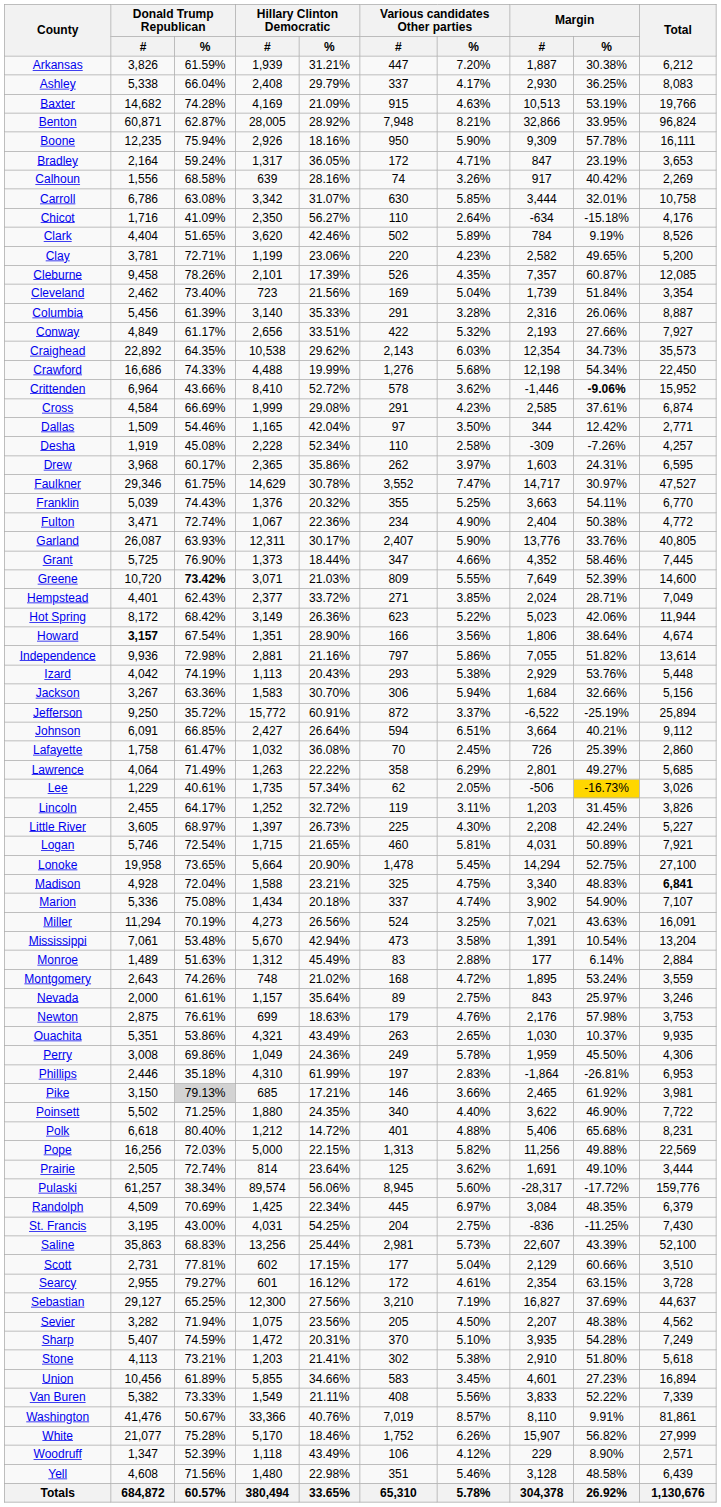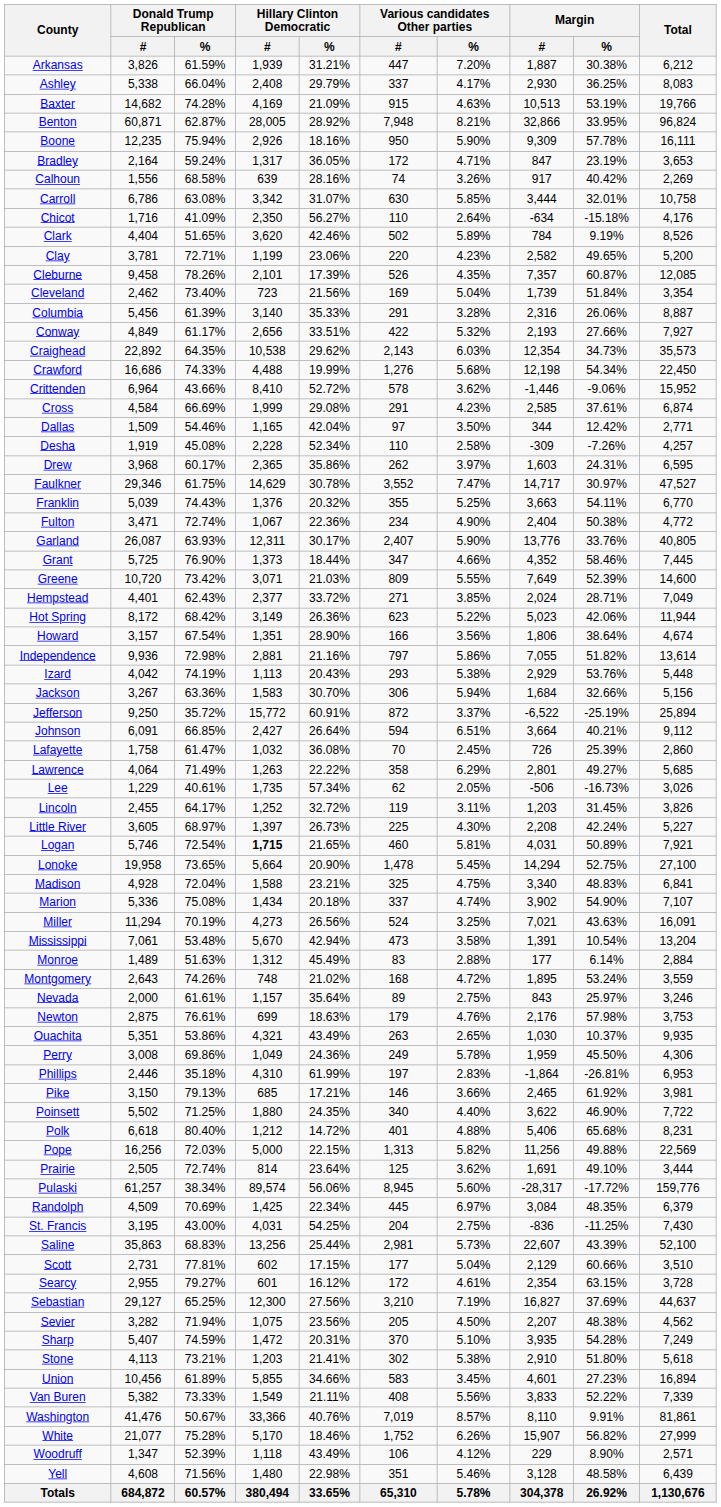 <table width="60%" class="wikitable sortable">
 <tr>
 <th rowspan="2">County</th>
 <th colspan="2">Donald Trump<br>Republican</th>
 <th colspan="2">Hillary Clinton<br>Democratic</th>
 <th colspan="2">Various candidates<br>Other parties</th>
 <th colspan="2">Margin</th>
 <th rowspan="2">Total</th>
 </tr>
 <tr>
 <th style="text-align:center;" data-sort-type="number">#</th>
 <th style="text-align:center;" data-sort-type="number">%</th>
 <th style="text-align:center;" data-sort-type="number">#</th>
 <th style="text-align:center;" data-sort-type="number">%</th>
 <th style="text-align:center;" data-sort-type="number">#</th>
 <th style="text-align:center;" data-sort-type="number">%</th>
 <th style="text-align:center;" data-sort-type="number">#</th>
 <th style="text-align:center;" data-sort-type="number">%</th>
 </tr>
 <tr style="text-align:center;">
 <td><a href='#'>Arkansas</a></td>
 <td>3,826</td>
 <td>61.59%</td>
 <td>1,939</td>
 <td>31.21%</td>
 <td>447</td>
 <td>7.20%</td>
 <td>1,887</td>
 <td>30.38%</td>
 <td>6,212</td>
 </tr>
 <tr style="text-align:center;">
 <td><a href='#'>Ashley</a></td>
 <td>5,338</td>
 <td>66.04%</td>
 <td>2,408</td>
 <td>29.79%</td>
 <td>337</td>
 <td>4.17%</td>
 <td>2,930</td>
 <td>36.25%</td>
 <td>8,083</td>
 </tr>
 <tr style="text-align:center;">
 <td><a href='#'>Baxter</a></td>
 <td>14,682</td>
 <td>74.28%</td>
 <td>4,169</td>
 <td>21.09%</td>
 <td>915</td>
 <td>4.63%</td>
 <td>10,513</td>
 <td>53.19%</td>
 <td>19,766</td>
 </tr>
 <tr style="text-align:center;">
 <td><a href='#'>Benton</a></td>
 <td>60,871</td>
 <td>62.87%</td>
 <td>28,005</td>
 <td>28.92%</td>
 <td>7,948</td>
 <td>8.21%</td>
 <td>32,866</td>
 <td>33.95%</td>
 <td>96,824</td>
 </tr>
 <tr style="text-align:center;">
 <td><a href='#'>Boone</a></td>
 <td>12,235</td>
 <td>75.94%</td>
 <td>2,926</td>
 <td>18.16%</td>
 <td>950</td>
 <td>5.90%</td>
 <td>9,309</td>
 <td>57.78%</td>
 <td>16,111</td>
 </tr>
 <tr style="text-align:center;">
 <td><a href='#'>Bradley</a></td>
 <td>2,164</td>
 <td>59.24%</td>
 <td>1,317</td>
 <td>36.05%</td>
 <td>172</td>
 <td>4.71%</td>
 <td>847</td>
 <td>23.19%</td>
 <td>3,653</td>
 </tr>
 <tr style="text-align:center;">
 <td><a href='#'>Calhoun</a></td>
 <td>1,556</td>
 <td>68.58%</td>
 <td>639</td>
 <td>28.16%</td>
 <td>74</td>
 <td>3.26%</td>
 <td>917</td>
 <td>40.42%</td>
 <td>2,269</td>
 </tr>
 <tr style="text-align:center;">
 <td><a href='#'>Carroll</a></td>
 <td>6,786</td>
 <td>63.08%</td>
 <td>3,342</td>
 <td>31.07%</td>
 <td>630</td>
 <td>5.85%</td>
 <td>3,444</td>
 <td>32.01%</td>
 <td>10,758</td>
 </tr>
 <tr style="text-align:center;">
 <td><a href='#'>Chicot</a></td>
 <td>1,716</td>
 <td>41.09%</td>
 <td>2,350</td>
 <td>56.27%</td>
 <td>110</td>
 <td>2.64%</td>
 <td>-634</td>
 <td>-15.18%</td>
 <td>4,176</td>
 </tr>
 <tr style="text-align:center;">
 <td><a href='#'>Clark</a></td>
 <td>4,404</td>
 <td>51.65%</td>
 <td>3,620</td>
 <td>42.46%</td>
 <td>502</td>
 <td>5.89%</td>
 <td>784</td>
 <td>9.19%</td>
 <td>8,526</td>
 </tr>
 <tr style="text-align:center;">
 <td><a href='#'>Clay</a></td>
 <td>3,781</td>
 <td>72.71%</td>
 <td>1,199</td>
 <td>23.06%</td>
 <td>220</td>
 <td>4.23%</td>
 <td>2,582</td>
 <td>49.65%</td>
 <td>5,200</td>
 </tr>
 <tr style="text-align:center;">
 <td><a href='#'>Cleburne</a></td>
 <td>9,458</td>
 <td>78.26%</td>
 <td>2,101</td>
 <td>17.39%</td>
 <td>526</td>
 <td>4.35%</td>
 <td>7,357</td>
 <td>60.87%</td>
 <td>12,085</td>
 </tr>
 <tr style="text-align:center;">
 <td><a href='#'>Cleveland</a></td>
 <td>2,462</td>
 <td>73.40%</td>
 <td>723</td>
 <td>21.56%</td>
 <td>169</td>
 <td>5.04%</td>
 <td>1,739</td>
 <td>51.84%</td>
 <td>3,354</td>
 </tr>
 <tr style="text-align:center;">
 <td><a href='#'>Columbia</a></td>
 <td>5,456</td>
 <td>61.39%</td>
 <td>3,140</td>
 <td>35.33%</td>
 <td>291</td>
 <td>3.28%</td>
 <td>2,316</td>
 <td>26.06%</td>
 <td>8,887</td>
 </tr>
 <tr style="text-align:center;">
 <td><a href='#'>Conway</a></td>
 <td>4,849</td>
 <td>61.17%</td>
 <td>2,656</td>
 <td>33.51%</td>
 <td>422</td>
 <td>5.32%</td>
 <td>2,193</td>
 <td>27.66%</td>
 <td>7,927</td>
 </tr>
 <tr style="text-align:center;">
 <td><a href='#'>Craighead</a></td>
 <td>22,892</td>
 <td>64.35%</td>
 <td>10,538</td>
 <td>29.62%</td>
 <td>2,143</td>
 <td>6.03%</td>
 <td>12,354</td>
 <td>34.73%</td>
 <td>35,573</td>
 </tr>
 <tr style="text-align:center;">
 <td><a href='#'>Crawford</a></td>
 <td>16,686</td>
 <td>74.33%</td>
 <td>4,488</td>
 <td>19.99%</td>
 <td>1,276</td>
 <td>5.68%</td>
 <td>12,198</td>
 <td>54.34%</td>
 <td>22,450</td>
 </tr>
 <tr style="text-align:center;">
 <td><a href='#'>Crittenden</a></td>
 <td>6,964</td>
 <td>43.66%</td>
 <td>8,410</td>
 <td>52.72%</td>
 <td>578</td>
 <td>3.62%</td>
 <td>-1,446</td>
-<td><strong>-9.06%</strong></td>
+<td>-9.06%</td>
 <td>15,952</td>
 </tr>
 <tr style="text-align:center;">
 <td><a href='#'>Cross</a></td>
 <td>4,584</td>
 <td>66.69%</td>
 <td>1,999</td>
 <td>29.08%</td>
 <td>291</td>
 <td>4.23%</td>
 <td>2,585</td>
 <td>37.61%</td>
 <td>6,874</td>
 </tr>
 <tr style="text-align:center;">
 <td><a href='#'>Dallas</a></td>
 <td>1,509</td>
 <td>54.46%</td>
 <td>1,165</td>
 <td>42.04%</td>
 <td>97</td>
 <td>3.50%</td>
 <td>344</td>
 <td>12.42%</td>
 <td>2,771</td>
 </tr>
 <tr style="text-align:center;">
 <td><a href='#'>Desha</a></td>
 <td>1,919</td>
 <td>45.08%</td>
 <td>2,228</td>
 <td>52.34%</td>
 <td>110</td>
 <td>2.58%</td>
 <td>-309</td>
 <td>-7.26%</td>
 <td>4,257</td>
 </tr>
 <tr style="text-align:center;">
 <td><a href='#'>Drew</a></td>
 <td>3,968</td>
 <td>60.17%</td>
 <td>2,365</td>
 <td>35.86%</td>
 <td>262</td>
 <td>3.97%</td>
 <td>1,603</td>
 <td>24.31%</td>
 <td>6,595</td>
 </tr>
 <tr style="text-align:center;">
 <td><a href='#'>Faulkner</a></td>
 <td>29,346</td>
 <td>61.75%</td>
 <td>14,629</td>
 <td>30.78%</td>
 <td>3,552</td>
 <td>7.47%</td>
 <td>14,717</td>
 <td>30.97%</td>
 <td>47,527</td>
 </tr>
 <tr style="text-align:center;">
 <td><a href='#'>Franklin</a></td>
 <td>5,039</td>
 <td>74.43%</td>
 <td>1,376</td>
 <td>20.32%</td>
 <td>355</td>
 <td>5.25%</td>
 <td>3,663</td>
 <td>54.11%</td>
 <td>6,770</td>
 </tr>
 <tr style="text-align:center;">
 <td><a href='#'>Fulton</a></td>
 <td>3,471</td>
 <td>72.74%</td>
 <td>1,067</td>
 <td>22.36%</td>
 <td>234</td>
 <td>4.90%</td>
 <td>2,404</td>
 <td>50.38%</td>
 <td>4,772</td>
 </tr>
 <tr style="text-align:center;">
 <td><a href='#'>Garland</a></td>
 <td>26,087</td>
 <td>63.93%</td>
 <td>12,311</td>
 <td>30.17%</td>
 <td>2,407</td>
 <td>5.90%</td>
 <td>13,776</td>
 <td>33.76%</td>
 <td>40,805</td>
 </tr>
 <tr style="text-align:center;">
 <td><a href='#'>Grant</a></td>
 <td>5,725</td>
 <td>76.90%</td>
 <td>1,373</td>
 <td>18.44%</td>
 <td>347</td>
 <td>4.66%</td>
 <td>4,352</td>
 <td>58.46%</td>
 <td>7,445</td>
 </tr>
 <tr style="text-align:center;">
 <td><a href='#'>Greene</a></td>
 <td>10,720</td>
-<td><strong>73.42%</strong></td>
+<td>73.42%</td>
 <td>3,071</td>
 <td>21.03%</td>
 <td>809</td>
 <td>5.55%</td>
 <td>7,649</td>
 <td>52.39%</td>
 <td>14,600</td>
 </tr>
 <tr style="text-align:center;">
 <td><a href='#'>Hempstead</a></td>
 <td>4,401</td>
 <td>62.43%</td>
 <td>2,377</td>
 <td>33.72%</td>
 <td>271</td>
 <td>3.85%</td>
 <td>2,024</td>
 <td>28.71%</td>
 <td>7,049</td>
 </tr>
 <tr style="text-align:center;">
 <td><a href='#'>Hot Spring</a></td>
 <td>8,172</td>
 <td>68.42%</td>
 <td>3,149</td>
 <td>26.36%</td>
 <td>623</td>
 <td>5.22%</td>
 <td>5,023</td>
 <td>42.06%</td>
 <td>11,944</td>
 </tr>
 <tr style="text-align:center;">
 <td><a href='#'>Howard</a></td>
-<td><strong>3,157</strong></td>
+<td>3,157</td>
 <td>67.54%</td>
 <td>1,351</td>
 <td>28.90%</td>
 <td>166</td>
 <td>3.56%</td>
 <td>1,806</td>
 <td>38.64%</td>
 <td>4,674</td>
 </tr>
 <tr style="text-align:center;">
 <td><a href='#'>Independence</a></td>
 <td>9,936</td>
 <td>72.98%</td>
 <td>2,881</td>
 <td>21.16%</td>
 <td>797</td>
 <td>5.86%</td>
 <td>7,055</td>
 <td>51.82%</td>
 <td>13,614</td>
 </tr>
 <tr style="text-align:center;">
 <td><a href='#'>Izard</a></td>
 <td>4,042</td>
 <td>74.19%</td>
 <td>1,113</td>
 <td>20.43%</td>
 <td>293</td>
 <td>5.38%</td>
 <td>2,929</td>
 <td>53.76%</td>
 <td>5,448</td>
 </tr>
 <tr style="text-align:center;">
 <td><a href='#'>Jackson</a></td>
 <td>3,267</td>
 <td>63.36%</td>
 <td>1,583</td>
 <td>30.70%</td>
 <td>306</td>
 <td>5.94%</td>
 <td>1,684</td>
 <td>32.66%</td>
 <td>5,156</td>
 </tr>
 <tr style="text-align:center;">
 <td><a href='#'>Jefferson</a></td>
 <td>9,250</td>
 <td>35.72%</td>
 <td>15,772</td>
 <td>60.91%</td>
 <td>872</td>
 <td>3.37%</td>
 <td>-6,522</td>
 <td>-25.19%</td>
 <td>25,894</td>
 </tr>
 <tr style="text-align:center;">
 <td><a href='#'>Johnson</a></td>
 <td>6,091</td>
 <td>66.85%</td>
 <td>2,427</td>
 <td>26.64%</td>
 <td>594</td>
 <td>6.51%</td>
 <td>3,664</td>
 <td>40.21%</td>
 <td>9,112</td>
 </tr>
 <tr style="text-align:center;">
 <td><a href='#'>Lafayette</a></td>
 <td>1,758</td>
 <td>61.47%</td>
 <td>1,032</td>
 <td>36.08%</td>
 <td>70</td>
 <td>2.45%</td>
 <td>726</td>
 <td>25.39%</td>
 <td>2,860</td>
 </tr>
 <tr style="text-align:center;">
 <td><a href='#'>Lawrence</a></td>
 <td>4,064</td>
 <td>71.49%</td>
 <td>1,263</td>
 <td>22.22%</td>
 <td>358</td>
 <td>6.29%</td>
 <td>2,801</td>
 <td>49.27%</td>
 <td>5,685</td>
 </tr>
 <tr style="text-align:center;">
 <td><a href='#'>Lee</a></td>
 <td>1,229</td>
 <td>40.61%</td>
 <td>1,735</td>
 <td>57.34%</td>
 <td>62</td>
 <td>2.05%</td>
 <td>-506</td>
-<td style="background: gold;">-16.73%</td>
+<td>-16.73%</td>
 <td>3,026</td>
 </tr>
 <tr style="text-align:center;">
 <td><a href='#'>Lincoln</a></td>
 <td>2,455</td>
 <td>64.17%</td>
 <td>1,252</td>
 <td>32.72%</td>
 <td>119</td>
 <td>3.11%</td>
 <td>1,203</td>
 <td>31.45%</td>
 <td>3,826</td>
 </tr>
 <tr style="text-align:center;">
 <td><a href='#'>Little River</a></td>
 <td>3,605</td>
 <td>68.97%</td>
 <td>1,397</td>
 <td>26.73%</td>
 <td>225</td>
 <td>4.30%</td>
 <td>2,208</td>
 <td>42.24%</td>
 <td>5,227</td>
 </tr>
 <tr style="text-align:center;">
 <td><a href='#'>Logan</a></td>
 <td>5,746</td>
 <td>72.54%</td>
-<td>1,715</td>
+<td><strong>1,715</strong></td>
 <td>21.65%</td>
 <td>460</td>
 <td>5.81%</td>
 <td>4,031</td>
 <td>50.89%</td>
 <td>7,921</td>
 </tr>
 <tr style="text-align:center;">
 <td><a href='#'>Lonoke</a></td>
 <td>19,958</td>
 <td>73.65%</td>
 <td>5,664</td>
 <td>20.90%</td>
 <td>1,478</td>
 <td>5.45%</td>
 <td>14,294</td>
 <td>52.75%</td>
 <td>27,100</td>
 </tr>
 <tr style="text-align:center;">
 <td><a href='#'>Madison</a></td>
 <td>4,928</td>
 <td>72.04%</td>
 <td>1,588</td>
 <td>23.21%</td>
 <td>325</td>
 <td>4.75%</td>
 <td>3,340</td>
 <td>48.83%</td>
-<td><strong>6,841</strong></td>
+<td>6,841</td>
 </tr>
 <tr style="text-align:center;">
 <td><a href='#'>Marion</a></td>
 <td>5,336</td>
 <td>75.08%</td>
 <td>1,434</td>
 <td>20.18%</td>
 <td>337</td>
 <td>4.74%</td>
 <td>3,902</td>
 <td>54.90%</td>
 <td>7,107</td>
 </tr>
 <tr style="text-align:center;">
 <td><a href='#'>Miller</a></td>
 <td>11,294</td>
 <td>70.19%</td>
 <td>4,273</td>
 <td>26.56%</td>
 <td>524</td>
 <td>3.25%</td>
 <td>7,021</td>
 <td>43.63%</td>
 <td>16,091</td>
 </tr>
 <tr style="text-align:center;">
 <td><a href='#'>Mississippi</a></td>
 <td>7,061</td>
 <td>53.48%</td>
 <td>5,670</td>
 <td>42.94%</td>
 <td>473</td>
 <td>3.58%</td>
 <td>1,391</td>
 <td>10.54%</td>
 <td>13,204</td>
 </tr>
 <tr style="text-align:center;">
 <td><a href='#'>Monroe</a></td>
 <td>1,489</td>
 <td>51.63%</td>
 <td>1,312</td>
 <td>45.49%</td>
 <td>83</td>
 <td>2.88%</td>
 <td>177</td>
 <td>6.14%</td>
 <td>2,884</td>
 </tr>
 <tr style="text-align:center;">
 <td><a href='#'>Montgomery</a></td>
 <td>2,643</td>
 <td>74.26%</td>
 <td>748</td>
 <td>21.02%</td>
 <td>168</td>
 <td>4.72%</td>
 <td>1,895</td>
 <td>53.24%</td>
 <td>3,559</td>
 </tr>
 <tr style="text-align:center;">
 <td><a href='#'>Nevada</a></td>
 <td>2,000</td>
 <td>61.61%</td>
 <td>1,157</td>
 <td>35.64%</td>
 <td>89</td>
 <td>2.75%</td>
 <td>843</td>
 <td>25.97%</td>
 <td>3,246</td>
 </tr>
 <tr style="text-align:center;">
 <td><a href='#'>Newton</a></td>
 <td>2,875</td>
 <td>76.61%</td>
 <td>699</td>
 <td>18.63%</td>
 <td>179</td>
 <td>4.76%</td>
 <td>2,176</td>
 <td>57.98%</td>
 <td>3,753</td>
 </tr>
 <tr style="text-align:center;">
 <td><a href='#'>Ouachita</a></td>
 <td>5,351</td>
 <td>53.86%</td>
 <td>4,321</td>
 <td>43.49%</td>
 <td>263</td>
 <td>2.65%</td>
 <td>1,030</td>
 <td>10.37%</td>
 <td>9,935</td>
 </tr>
 <tr style="text-align:center;">
 <td><a href='#'>Perry</a></td>
 <td>3,008</td>
 <td>69.86%</td>
 <td>1,049</td>
 <td>24.36%</td>
 <td>249</td>
 <td>5.78%</td>
 <td>1,959</td>
 <td>45.50%</td>
 <td>4,306</td>
 </tr>
 <tr style="text-align:center;">
 <td><a href='#'>Phillips</a></td>
 <td>2,446</td>
 <td>35.18%</td>
 <td>4,310</td>
 <td>61.99%</td>
 <td>197</td>
 <td>2.83%</td>
 <td>-1,864</td>
 <td>-26.81%</td>
 <td>6,953</td>
 </tr>
 <tr style="text-align:center;">
 <td><a href='#'>Pike</a></td>
 <td>3,150</td>
-<td style="background: lightgrey;">79.13%</td>
+<td>79.13%</td>
 <td>685</td>
 <td>17.21%</td>
 <td>146</td>
 <td>3.66%</td>
 <td>2,465</td>
 <td>61.92%</td>
 <td>3,981</td>
 </tr>
 <tr style="text-align:center;">
 <td><a href='#'>Poinsett</a></td>
 <td>5,502</td>
 <td>71.25%</td>
 <td>1,880</td>
 <td>24.35%</td>
 <td>340</td>
 <td>4.40%</td>
 <td>3,622</td>
 <td>46.90%</td>
 <td>7,722</td>
 </tr>
 <tr style="text-align:center;">
 <td><a href='#'>Polk</a></td>
 <td>6,618</td>
 <td>80.40%</td>
 <td>1,212</td>
 <td>14.72%</td>
 <td>401</td>
 <td>4.88%</td>
 <td>5,406</td>
 <td>65.68%</td>
 <td>8,231</td>
 </tr>
 <tr style="text-align:center;">
 <td><a href='#'>Pope</a></td>
 <td>16,256</td>
 <td>72.03%</td>
 <td>5,000</td>
 <td>22.15%</td>
 <td>1,313</td>
 <td>5.82%</td>
 <td>11,256</td>
 <td>49.88%</td>
 <td>22,569</td>
 </tr>
 <tr style="text-align:center;">
 <td><a href='#'>Prairie</a></td>
 <td>2,505</td>
 <td>72.74%</td>
 <td>814</td>
 <td>23.64%</td>
 <td>125</td>
 <td>3.62%</td>
 <td>1,691</td>
 <td>49.10%</td>
 <td>3,444</td>
 </tr>
 <tr style="text-align:center;">
 <td><a href='#'>Pulaski</a></td>
 <td>61,257</td>
 <td>38.34%</td>
 <td>89,574</td>
 <td>56.06%</td>
 <td>8,945</td>
 <td>5.60%</td>
 <td>-28,317</td>
 <td>-17.72%</td>
 <td>159,776</td>
 </tr>
 <tr style="text-align:center;">
 <td><a href='#'>Randolph</a></td>
 <td>4,509</td>
 <td>70.69%</td>
 <td>1,425</td>
 <td>22.34%</td>
 <td>445</td>
 <td>6.97%</td>
 <td>3,084</td>
 <td>48.35%</td>
 <td>6,379</td>
 </tr>
 <tr style="text-align:center;">
 <td><a href='#'>St. Francis</a></td>
 <td>3,195</td>
 <td>43.00%</td>
 <td>4,031</td>
 <td>54.25%</td>
 <td>204</td>
 <td>2.75%</td>
 <td>-836</td>
 <td>-11.25%</td>
 <td>7,430</td>
 </tr>
 <tr style="text-align:center;">
 <td><a href='#'>Saline</a></td>
 <td>35,863</td>
 <td>68.83%</td>
 <td>13,256</td>
 <td>25.44%</td>
 <td>2,981</td>
 <td>5.73%</td>
 <td>22,607</td>
 <td>43.39%</td>
 <td>52,100</td>
 </tr>
 <tr style="text-align:center;">
 <td><a href='#'>Scott</a></td>
 <td>2,731</td>
 <td>77.81%</td>
 <td>602</td>
 <td>17.15%</td>
 <td>177</td>
 <td>5.04%</td>
 <td>2,129</td>
 <td>60.66%</td>
 <td>3,510</td>
 </tr>
 <tr style="text-align:center;">
 <td><a href='#'>Searcy</a></td>
 <td>2,955</td>
 <td>79.27%</td>
 <td>601</td>
 <td>16.12%</td>
 <td>172</td>
 <td>4.61%</td>
 <td>2,354</td>
 <td>63.15%</td>
 <td>3,728</td>
 </tr>
 <tr style="text-align:center;">
 <td><a href='#'>Sebastian</a></td>
 <td>29,127</td>
 <td>65.25%</td>
 <td>12,300</td>
 <td>27.56%</td>
 <td>3,210</td>
 <td>7.19%</td>
 <td>16,827</td>
 <td>37.69%</td>
 <td>44,637</td>
 </tr>
 <tr style="text-align:center;">
 <td><a href='#'>Sevier</a></td>
 <td>3,282</td>
 <td>71.94%</td>
 <td>1,075</td>
 <td>23.56%</td>
 <td>205</td>
 <td>4.50%</td>
 <td>2,207</td>
 <td>48.38%</td>
 <td>4,562</td>
 </tr>
 <tr style="text-align:center;">
 <td><a href='#'>Sharp</a></td>
 <td>5,407</td>
 <td>74.59%</td>
 <td>1,472</td>
 <td>20.31%</td>
 <td>370</td>
 <td>5.10%</td>
 <td>3,935</td>
 <td>54.28%</td>
 <td>7,249</td>
 </tr>
 <tr style="text-align:center;">
 <td><a href='#'>Stone</a></td>
 <td>4,113</td>
 <td>73.21%</td>
 <td>1,203</td>
 <td>21.41%</td>
 <td>302</td>
 <td>5.38%</td>
 <td>2,910</td>
 <td>51.80%</td>
 <td>5,618</td>
 </tr>
 <tr style="text-align:center;">
 <td><a href='#'>Union</a></td>
 <td>10,456</td>
 <td>61.89%</td>
 <td>5,855</td>
 <td>34.66%</td>
 <td>583</td>
 <td>3.45%</td>
 <td>4,601</td>
 <td>27.23%</td>
 <td>16,894</td>
 </tr>
 <tr style="text-align:center;">
 <td><a href='#'>Van Buren</a></td>
 <td>5,382</td>
 <td>73.33%</td>
 <td>1,549</td>
 <td>21.11%</td>
 <td>408</td>
 <td>5.56%</td>
 <td>3,833</td>
 <td>52.22%</td>
 <td>7,339</td>
 </tr>
 <tr style="text-align:center;">
 <td><a href='#'>Washington</a></td>
 <td>41,476</td>
 <td>50.67%</td>
 <td>33,366</td>
 <td>40.76%</td>
 <td>7,019</td>
 <td>8.57%</td>
 <td>8,110</td>
 <td>9.91%</td>
 <td>81,861</td>
 </tr>
 <tr style="text-align:center;">
 <td><a href='#'>White</a></td>
 <td>21,077</td>
 <td>75.28%</td>
 <td>5,170</td>
 <td>18.46%</td>
 <td>1,752</td>
 <td>6.26%</td>
 <td>15,907</td>
 <td>56.82%</td>
 <td>27,999</td>
 </tr>
 <tr style="text-align:center;">
 <td><a href='#'>Woodruff</a></td>
 <td>1,347</td>
 <td>52.39%</td>
 <td>1,118</td>
 <td>43.49%</td>
 <td>106</td>
 <td>4.12%</td>
 <td>229</td>
 <td>8.90%</td>
 <td>2,571</td>
 </tr>
 <tr style="text-align:center;">
 <td><a href='#'>Yell</a></td>
 <td>4,608</td>
 <td>71.56%</td>
 <td>1,480</td>
 <td>22.98%</td>
 <td>351</td>
 <td>5.46%</td>
 <td>3,128</td>
 <td>48.58%</td>
 <td>6,439</td>
 </tr>
 <tr>
 <th>Totals</th>
 <th>684,872</th>
 <th>60.57%</th>
 <th>380,494</th>
 <th>33.65%</th>
 <th>65,310</th>
 <th>5.78%</th>
 <th>304,378</th>
 <th>26.92%</th>
 <th>1,130,676</th>
 </tr>
 </table>
